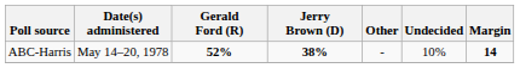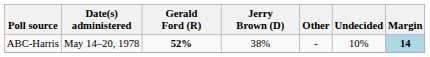 <table class="wikitable sortable" style="text-align:center;font-size:90%;line-height:17px">
 <tr valign= bottom>
 <th>Poll source</th>
 <th>Date(s)<br>administered</th>
 <th class="unsortable" style="width:100px;">Gerald<br>Ford (R)</th>
 <th class="unsortable" style="width:100px;">Jerry<br>Brown (D)</th>
 <th class="unsortable">Other</th>
 <th class="unsortable">Undecided</th>
 <th>Margin</th>
 </tr>
 <tr>
 <td align="center">ABC-Harris</td>
 <td align="center">May 14–20, 1978</td>
 <td><strong>52%</strong></td>
-<td align="center"><strong>38%</strong></td>
+<td align="center">38%</td>
 <td align="center">-</td>
 <td align="center">10%</td>
-<td><strong>14</strong></td>
+<td style="background: lightblue;"><strong>14</strong></td>
 </tr>
 <tr>
 </tr>
 </table>
